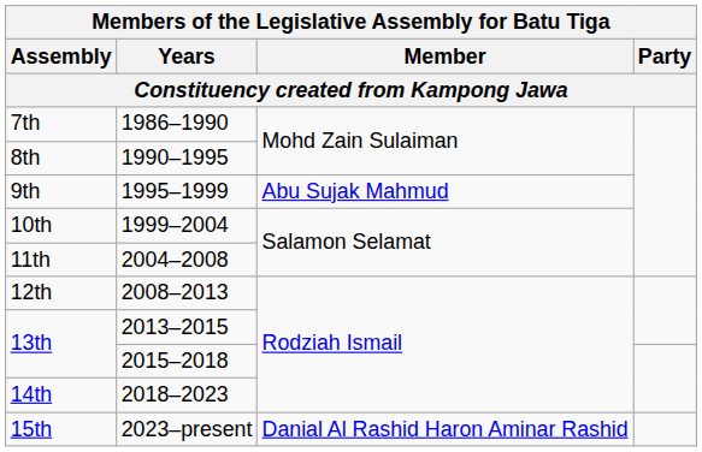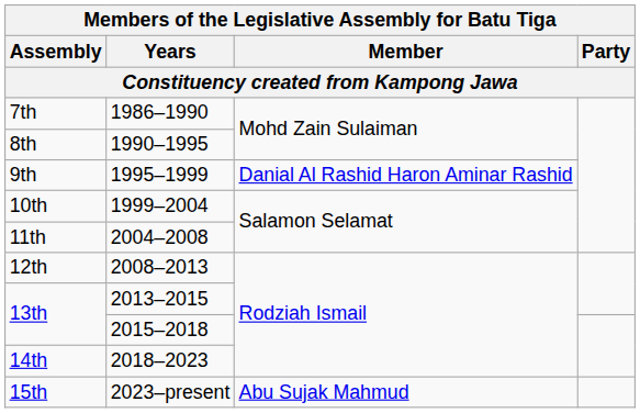 <table class=wikitable>
 <tr>
 <th colspan=4>Members of the Legislative Assembly for Batu Tiga</th>
 </tr>
 <tr>
 <th>Assembly</th>
 <th>Years</th>
 <th>Member</th>
 <th>Party</th>
 </tr>
 <tr>
 <th colspan=4 align=center><em>Constituency created from Kampong Jawa</em></th>
 </tr>
 <tr>
 <td>7th</td>
 <td>1986–1990</td>
 <td rowspan=2>Mohd Zain Sulaiman</td>
 <td rowspan=5></td>
 </tr>
 <tr>
 <td>8th</td>
 <td>1990–1995</td>
 </tr>
 <tr>
 <td>9th</td>
 <td>1995–1999</td>
-<td><a href='#'>Abu Sujak Mahmud</a></td>
+<td><a href='#'>Danial Al Rashid Haron Aminar Rashid</a></td>
 </tr>
 <tr>
 <td>10th</td>
 <td>1999–2004</td>
 <td rowspan=2>Salamon Selamat</td>
 </tr>
 <tr>
 <td>11th</td>
 <td>2004–2008</td>
 </tr>
 <tr>
 <td>12th</td>
 <td>2008–2013</td>
 <td rowspan=4><a href='#'>Rodziah Ismail</a></td>
 <td rowspan=2></td>
 </tr>
 <tr>
 <td rowspan=2><a href='#'>13th</a></td>
 <td>2013–2015</td>
 </tr>
 <tr>
 <td>2015–2018</td>
 <td rowspan=2></td>
 </tr>
 <tr>
 <td><a href='#'>14th</a></td>
 <td>2018–2023</td>
 </tr>
 <tr>
 <td><a href='#'>15th</a></td>
 <td>2023–present</td>
-<td><a href='#'>Danial Al Rashid Haron Aminar Rashid</a></td>
+<td><a href='#'>Abu Sujak Mahmud</a></td>
 <td></td>
 </tr>
 </table>
